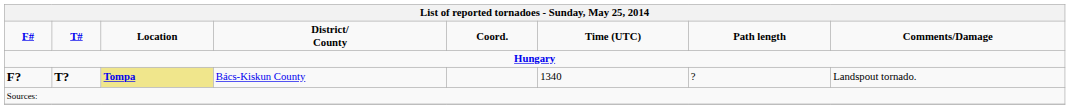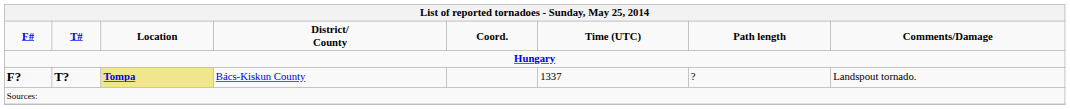 <table class="wikitable collapsible" width="100%">
 <tr>
 <th colspan="8">List of reported tornadoes - Sunday, May 25, 2014</th>
 </tr>
 <tr>
 <td style="text-align: center;"><strong><a href='#'>F#</a></strong></td>
 <td style="text-align: center;"><strong><a href='#'>T#</a></strong></td>
 <td style="text-align: center;"><strong>Location</strong></td>
 <td style="text-align: center;"><strong>District/<br>County</strong></td>
 <td style="text-align: center;"><strong>Coord.</strong></td>
 <td style="text-align: center;"><strong>Time (UTC)</strong></td>
 <td style="text-align: center;"><strong>Path length</strong></td>
 <td style="text-align: center;"><strong>Comments/Damage</strong></td>
 </tr>
 <tr>
 <td colspan="8" align=center><strong><a href='#'>Hungary</a></strong></td>
 </tr>
 <tr>
 <td><big><strong>F?</strong></big></td>
 <td><big><strong>T?</strong></big></td>
 <td style="background: khaki;"><strong><a href='#'>Tompa</a></strong></td>
 <td><a href='#'>Bács-Kiskun County</a></td>
 <td></td>
-<td>1340</td>
+<td>1337</td>
 <td>?</td>
 <td>Landspout tornado.</td>
 </tr>
 <tr>
 <td colspan="8"><small>Sources:</small></td>
 </tr>
 <tr>
 </tr>
 </table>
